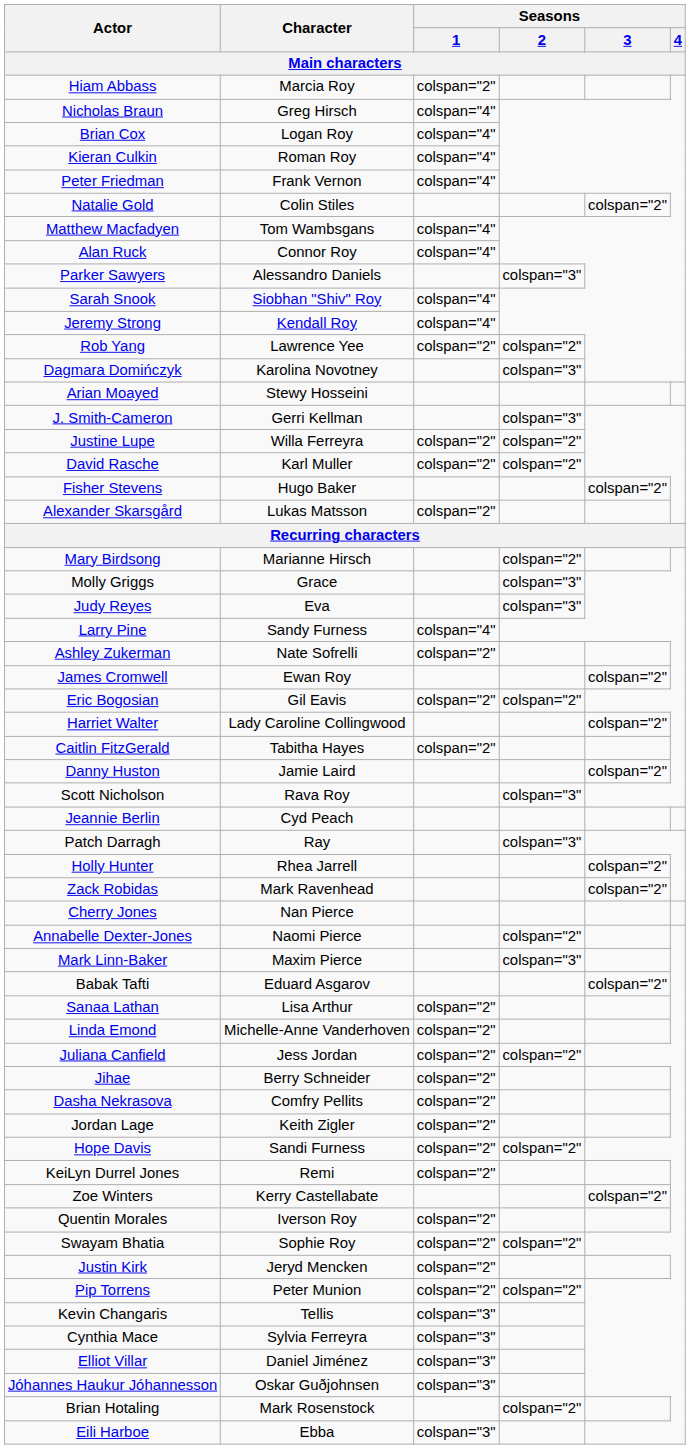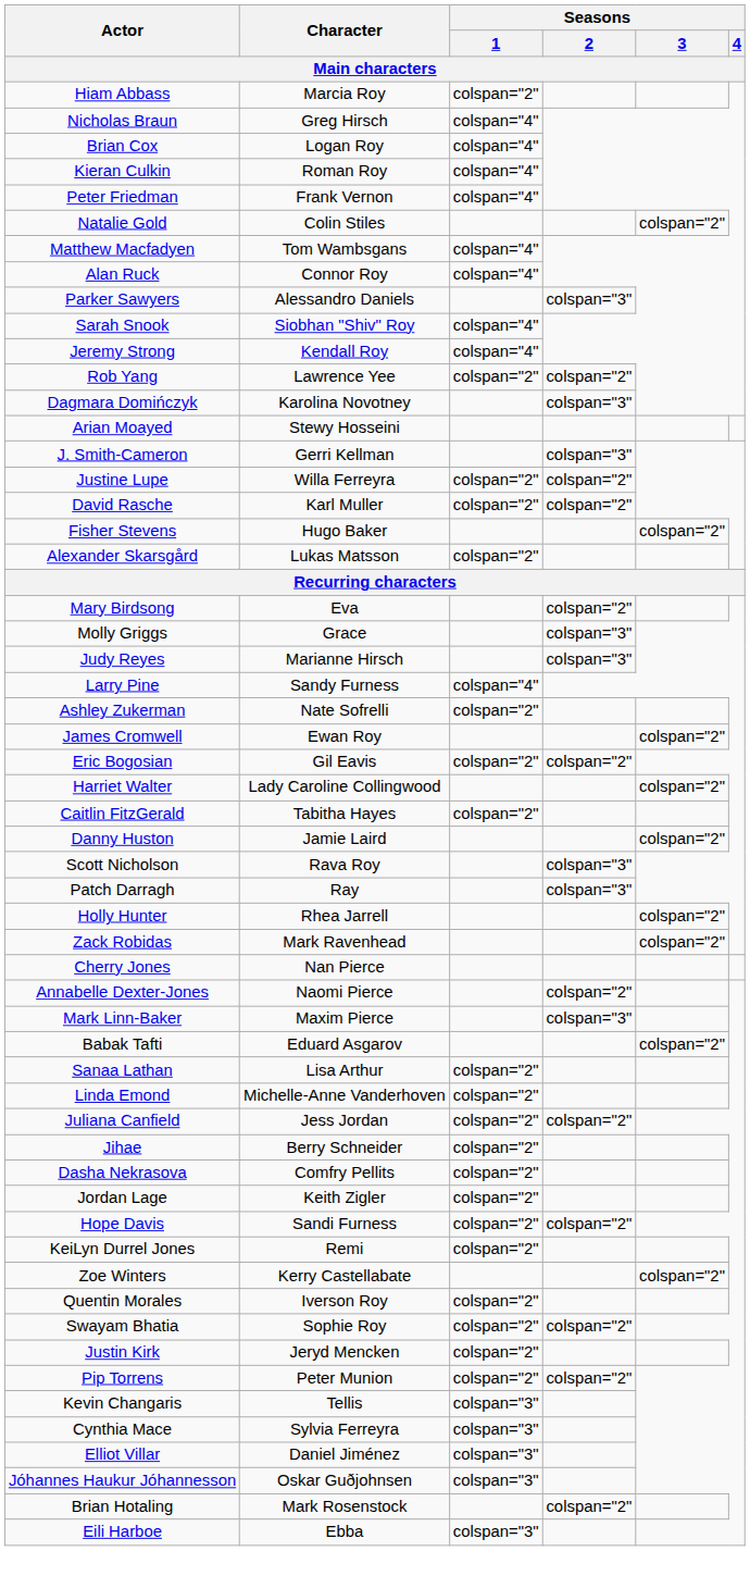 <table class="wikitable plainrowheaders" style="text-align:center">
 <tr>
 <th rowspan="2">Actor</th>
 <th rowspan="2">Character</th>
 <th colspan="4">Seasons</th>
 </tr>
 <tr>
 <th scope="col"><a href='#'>1</a></th>
 <th scope="col"><a href='#'>2</a></th>
 <th scope="col"><a href='#'>3</a></th>
 <th scope="col"><a href='#'>4</a></th>
 </tr>
 <tr>
 <th colspan=6><a href='#'>Main characters</a></th>
 </tr>
 <tr>
 <td><a href='#'>Hiam Abbass</a></td>
 <td>Marcia Roy</td>
 <td>colspan="2" </td>
 <td></td>
 <td></td>
 </tr>
 <tr>
 <td><a href='#'>Nicholas Braun</a></td>
 <td>Greg Hirsch</td>
 <td>colspan="4" </td>
 </tr>
 <tr>
 <td><a href='#'>Brian Cox</a></td>
 <td>Logan Roy</td>
 <td>colspan="4" </td>
 </tr>
 <tr>
 <td><a href='#'>Kieran Culkin</a></td>
 <td>Roman Roy</td>
 <td>colspan="4" </td>
 </tr>
 <tr>
 <td><a href='#'>Peter Friedman</a></td>
 <td>Frank Vernon</td>
 <td>colspan="4" </td>
 </tr>
 <tr>
 <td><a href='#'>Natalie Gold</a></td>
 <td>Colin Stiles</td>
 <td></td>
 <td></td>
 <td>colspan="2" </td>
 </tr>
 <tr>
 <td><a href='#'>Matthew Macfadyen</a></td>
 <td>Tom Wambsgans</td>
 <td>colspan="4" </td>
 </tr>
 <tr>
 <td><a href='#'>Alan Ruck</a></td>
 <td>Connor Roy</td>
 <td>colspan="4" </td>
 </tr>
 <tr>
 <td><a href='#'>Parker Sawyers</a></td>
 <td>Alessandro Daniels</td>
 <td></td>
 <td>colspan="3" </td>
 </tr>
 <tr>
 <td><a href='#'>Sarah Snook</a></td>
 <td><a href='#'>Siobhan "Shiv" Roy</a></td>
 <td>colspan="4" </td>
 </tr>
 <tr>
 <td><a href='#'>Jeremy Strong</a></td>
 <td><a href='#'>Kendall Roy</a></td>
 <td>colspan="4" </td>
 </tr>
 <tr>
 <td><a href='#'>Rob Yang</a></td>
 <td>Lawrence Yee</td>
 <td>colspan="2" </td>
 <td>colspan="2" </td>
 </tr>
 <tr>
 <td><a href='#'>Dagmara Domińczyk</a></td>
 <td>Karolina Novotney</td>
 <td></td>
 <td>colspan="3" </td>
 </tr>
 <tr>
 <td><a href='#'>Arian Moayed</a></td>
 <td>Stewy Hosseini</td>
 <td></td>
 <td></td>
 <td></td>
 <td></td>
 </tr>
 <tr>
 <td><a href='#'>J. Smith-Cameron</a></td>
 <td>Gerri Kellman</td>
 <td></td>
 <td>colspan="3" </td>
 </tr>
 <tr>
 <td><a href='#'>Justine Lupe</a></td>
 <td>Willa Ferreyra</td>
 <td>colspan="2" </td>
 <td>colspan="2" </td>
 </tr>
 <tr>
 <td><a href='#'>David Rasche</a></td>
 <td>Karl Muller</td>
 <td>colspan="2" </td>
 <td>colspan="2" </td>
 </tr>
 <tr>
 <td><a href='#'>Fisher Stevens</a></td>
 <td>Hugo Baker</td>
 <td></td>
 <td></td>
 <td>colspan="2" </td>
 </tr>
 <tr>
 <td><a href='#'>Alexander Skarsgård</a></td>
 <td>Lukas Matsson</td>
 <td>colspan="2" </td>
 <td></td>
 <td></td>
 </tr>
 <tr>
 <th colspan="6"><a href='#'>Recurring characters</a></th>
 </tr>
 <tr>
 <td><a href='#'>Mary Birdsong</a></td>
-<td>Marianne Hirsch</td>
+<td>Eva</td>
 <td></td>
 <td>colspan="2" </td>
 <td></td>
 </tr>
 <tr>
 <td>Molly Griggs</td>
 <td>Grace</td>
 <td></td>
 <td>colspan="3" </td>
 </tr>
 <tr>
 <td><a href='#'>Judy Reyes</a></td>
-<td>Eva</td>
+<td>Marianne Hirsch</td>
 <td></td>
 <td>colspan="3" </td>
 </tr>
 <tr>
 <td><a href='#'>Larry Pine</a></td>
 <td>Sandy Furness</td>
 <td>colspan="4" </td>
 </tr>
 <tr>
 <td><a href='#'>Ashley Zukerman</a></td>
 <td>Nate Sofrelli</td>
 <td>colspan="2" </td>
 <td></td>
 <td></td>
 </tr>
 <tr>
 <td><a href='#'>James Cromwell</a></td>
 <td>Ewan Roy</td>
 <td></td>
 <td></td>
 <td>colspan="2" </td>
 </tr>
 <tr>
 <td><a href='#'>Eric Bogosian</a></td>
 <td>Gil Eavis</td>
 <td>colspan="2" </td>
 <td>colspan="2" </td>
 </tr>
 <tr>
 <td><a href='#'>Harriet Walter</a></td>
 <td>Lady Caroline Collingwood</td>
 <td></td>
 <td></td>
 <td>colspan="2" </td>
 </tr>
 <tr>
 <td><a href='#'>Caitlin FitzGerald</a></td>
 <td>Tabitha Hayes</td>
 <td>colspan="2" </td>
 <td></td>
 <td></td>
 </tr>
 <tr>
 <td><a href='#'>Danny Huston</a></td>
 <td>Jamie Laird</td>
 <td></td>
 <td></td>
 <td>colspan="2" </td>
 </tr>
 <tr>
 <td>Scott Nicholson</td>
 <td>Rava Roy</td>
 <td></td>
 <td>colspan="3" </td>
-</tr>
-<tr>
-<td><a href='#'>Jeannie Berlin</a></td>
-<td>Cyd Peach</td>
-<td></td>
-<td></td>
-<td></td>
-<td></td>
 </tr>
 <tr>
 <td>Patch Darragh</td>
 <td>Ray</td>
 <td></td>
 <td>colspan="3" </td>
 </tr>
 <tr>
 <td><a href='#'>Holly Hunter</a></td>
 <td>Rhea Jarrell</td>
 <td></td>
 <td></td>
 <td>colspan="2" </td>
 </tr>
 <tr>
 <td><a href='#'>Zack Robidas</a></td>
 <td>Mark Ravenhead</td>
 <td></td>
 <td></td>
 <td>colspan="2" </td>
 </tr>
 <tr>
 <td><a href='#'>Cherry Jones</a></td>
 <td>Nan Pierce</td>
 <td></td>
 <td></td>
 <td></td>
 <td></td>
 </tr>
 <tr>
 <td><a href='#'>Annabelle Dexter-Jones</a></td>
 <td>Naomi Pierce</td>
 <td></td>
 <td>colspan="2" </td>
 <td></td>
 </tr>
 <tr>
 <td><a href='#'>Mark Linn-Baker</a></td>
 <td>Maxim Pierce</td>
 <td></td>
 <td>colspan="3" </td>
 <td></td>
 </tr>
 <tr>
 <td>Babak Tafti</td>
 <td>Eduard Asgarov</td>
 <td></td>
 <td></td>
 <td>colspan="2" </td>
 </tr>
 <tr>
 <td><a href='#'>Sanaa Lathan</a></td>
 <td>Lisa Arthur</td>
 <td>colspan="2" </td>
 <td></td>
 <td></td>
 </tr>
 <tr>
 <td><a href='#'>Linda Emond</a></td>
 <td>Michelle-Anne Vanderhoven</td>
 <td>colspan="2" </td>
 <td></td>
 <td></td>
 </tr>
 <tr>
 <td><a href='#'>Juliana Canfield</a></td>
 <td>Jess Jordan</td>
 <td>colspan="2" </td>
 <td>colspan="2" </td>
 </tr>
 <tr>
 <td><a href='#'>Jihae</a></td>
 <td>Berry Schneider</td>
 <td>colspan="2" </td>
 <td></td>
 <td></td>
 </tr>
 <tr>
 <td><a href='#'>Dasha Nekrasova</a></td>
 <td>Comfry Pellits</td>
 <td>colspan="2" </td>
 <td></td>
 <td></td>
 </tr>
 <tr>
 <td>Jordan Lage</td>
 <td>Keith Zigler</td>
 <td>colspan="2" </td>
 <td></td>
 <td></td>
 </tr>
 <tr>
 <td><a href='#'>Hope Davis</a></td>
 <td>Sandi Furness</td>
 <td>colspan="2" </td>
 <td>colspan="2" </td>
 </tr>
 <tr>
 <td>KeiLyn Durrel Jones</td>
 <td>Remi</td>
 <td>colspan="2" </td>
 <td></td>
 <td></td>
 </tr>
 <tr>
 <td>Zoe Winters</td>
 <td>Kerry Castellabate</td>
 <td></td>
 <td></td>
 <td>colspan="2" </td>
 </tr>
 <tr>
 <td>Quentin Morales</td>
 <td>Iverson Roy</td>
 <td>colspan="2" </td>
 <td></td>
 <td></td>
 </tr>
 <tr>
 <td>Swayam Bhatia</td>
 <td>Sophie Roy</td>
 <td>colspan="2" </td>
 <td>colspan="2" </td>
 </tr>
 <tr>
 <td><a href='#'>Justin Kirk</a></td>
 <td>Jeryd Mencken</td>
 <td>colspan="2" </td>
 <td></td>
 <td></td>
 </tr>
 <tr>
 <td><a href='#'>Pip Torrens</a></td>
 <td>Peter Munion</td>
 <td>colspan="2" </td>
 <td>colspan="2" </td>
 </tr>
 <tr>
 <td>Kevin Changaris</td>
 <td>Tellis</td>
 <td>colspan="3" </td>
 <td></td>
 </tr>
 <tr>
 <td>Cynthia Mace</td>
 <td>Sylvia Ferreyra</td>
 <td>colspan="3" </td>
 <td></td>
 </tr>
 <tr>
 <td><a href='#'>Elliot Villar</a></td>
 <td>Daniel Jiménez</td>
 <td>colspan="3" </td>
 <td></td>
 </tr>
 <tr>
 <td><a href='#'>Jóhannes Haukur Jóhannesson</a></td>
 <td>Oskar Guðjohnsen</td>
 <td>colspan="3" </td>
 <td></td>
 </tr>
 <tr>
 <td>Brian Hotaling</td>
 <td>Mark Rosenstock</td>
 <td></td>
 <td>colspan="2" </td>
 <td></td>
 </tr>
 <tr>
 <td><a href='#'>Eili Harboe</a></td>
 <td>Ebba</td>
 <td>colspan="3" </td>
 <td></td>
 </tr>
 </table>
